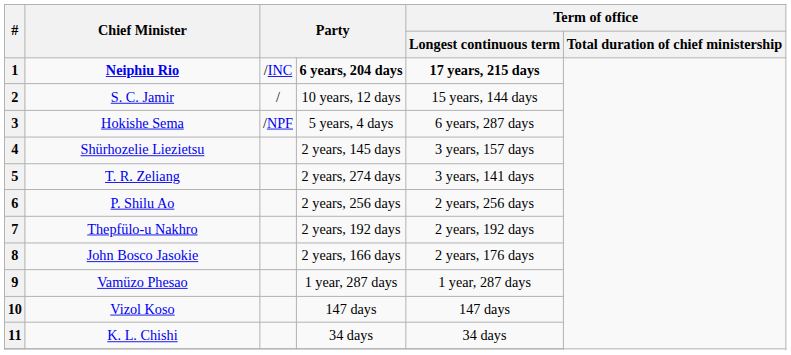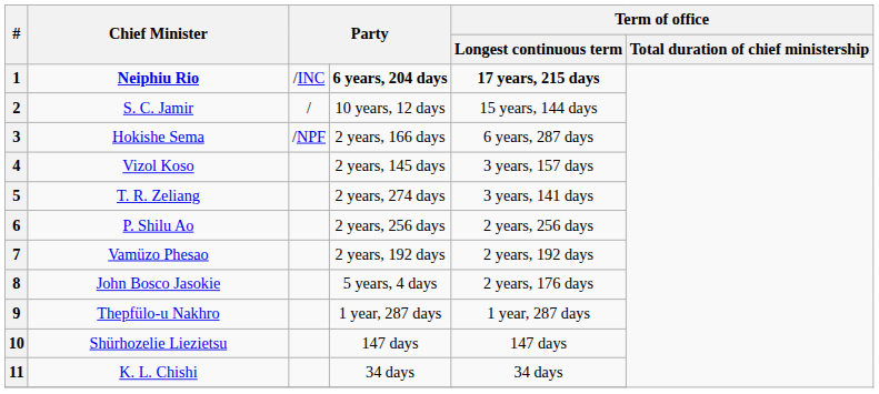 <table class="wikitable sortable" style="line-height:1.4em; text-align:center">
 <tr>
 <th data-sort-type=number rowspan = "2">#</th>
 <th rowspan="2" style="width:16em">Chief Minister</th>
 <th rowspan="2" colspan=2 style="width:8em">Party</th>
 <th colspan="2">Term of office</th>
 </tr>
 <tr>
 <th>Longest continuous term</th>
 <th>Total duration of chief ministership</th>
 </tr>
 <tr>
 <th data-sort-value="1">1</th>
 <td><strong><a href='#'>Neiphiu Rio</a></strong></td>
 <td>/<a href='#'>INC</a></td>
 <td><strong>6 years, 204 days</strong></td>
 <td><strong>17 years, 215 days</strong></td>
 </tr>
 <tr>
 <th data-sort-value="2">2</th>
 <td><a href='#'>S. C. Jamir</a></td>
 <td>/</td>
 <td>10 years, 12 days</td>
 <td>15 years, 144 days</td>
 </tr>
 <tr>
 <th data-sort-value="3">3</th>
 <td><a href='#'>Hokishe Sema</a></td>
 <td>/<a href='#'>NPF</a></td>
-<td>5 years, 4 days</td>
+<td>2 years, 166 days</td>
 <td>6 years, 287 days</td>
 </tr>
 <tr>
 <th data-sort-value="4">4</th>
-<td><a href='#'>Shürhozelie Liezietsu</a></td>
+<td><a href='#'>Vizol Koso</a></td>
 <td></td>
 <td>2 years, 145 days</td>
 <td>3 years, 157 days</td>
 </tr>
 <tr>
 <th data-sort-value="5">5</th>
 <td><a href='#'>T. R. Zeliang</a></td>
 <td></td>
 <td>2 years, 274 days</td>
 <td>3 years, 141 days</td>
 </tr>
 <tr>
 <th data-sort-value="6">6</th>
 <td><a href='#'>P. Shilu Ao</a></td>
 <td></td>
 <td>2 years, 256 days</td>
 <td>2 years, 256 days</td>
 </tr>
 <tr>
 <th data-sort-value="7">7</th>
-<td><a href='#'>Thepfülo-u Nakhro</a></td>
+<td><a href='#'>Vamüzo Phesao</a></td>
 <td></td>
 <td>2 years, 192 days</td>
 <td>2 years, 192 days</td>
 </tr>
 <tr>
 <th data-sort-value="8">8</th>
 <td><a href='#'>John Bosco Jasokie</a></td>
 <td></td>
-<td>2 years, 166 days</td>
+<td>5 years, 4 days</td>
 <td>2 years, 176 days</td>
 </tr>
 <tr>
 <th data-sort-value="9">9</th>
-<td><a href='#'>Vamüzo Phesao</a></td>
+<td><a href='#'>Thepfülo-u Nakhro</a></td>
 <td></td>
 <td>1 year, 287 days</td>
 <td>1 year, 287 days</td>
 </tr>
 <tr>
 <th data-sort-value="10">10</th>
-<td><a href='#'>Vizol Koso</a></td>
+<td><a href='#'>Shürhozelie Liezietsu</a></td>
 <td></td>
 <td>147 days</td>
 <td>147 days</td>
 </tr>
 <tr>
 <th data-sort-value="11">11</th>
 <td><a href='#'>K. L. Chishi</a></td>
 <td></td>
 <td>34 days</td>
 <td>34 days</td>
 </tr>
 <tr>
 </tr>
 </table>
